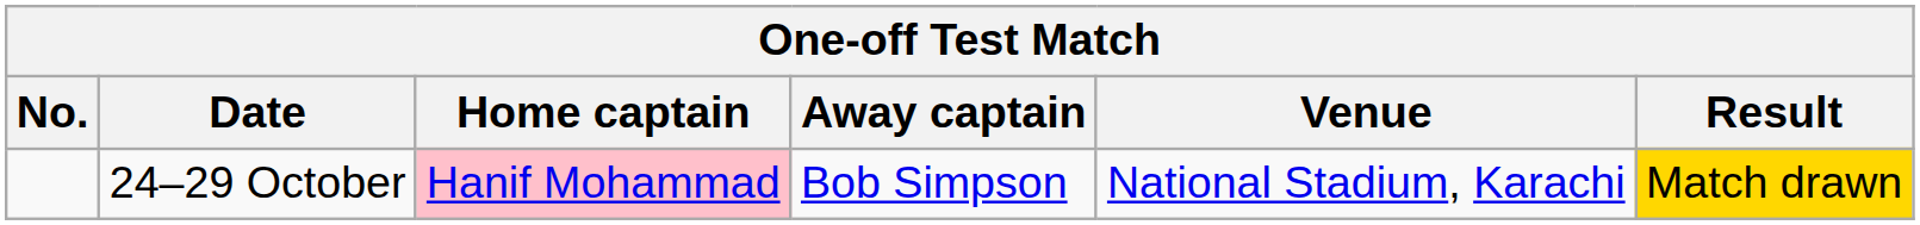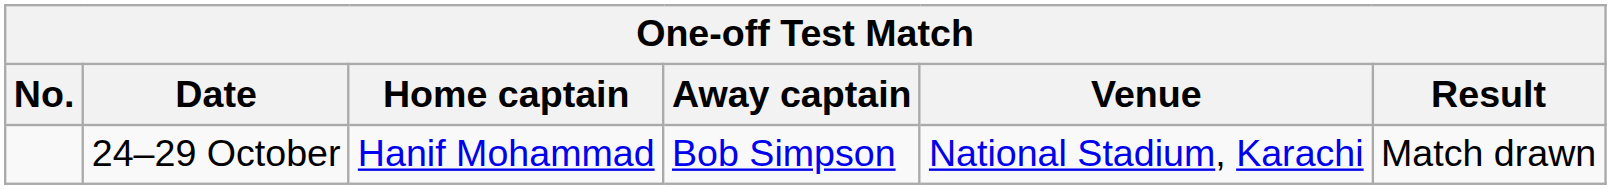 <table class="wikitable">
 <tr>
 <th colspan="9">One-off Test Match</th>
 </tr>
 <tr>
 <th>No.</th>
 <th>Date</th>
 <th>Home captain</th>
 <th>Away captain</th>
 <th>Venue</th>
 <th>Result</th>
 </tr>
 <tr>
 <td></td>
 <td>24–29 October</td>
-<td style="background: pink;"><a href='#'>Hanif Mohammad</a></td>
+<td><a href='#'>Hanif Mohammad</a></td>
 <td><a href='#'>Bob Simpson</a></td>
 <td><a href='#'>National Stadium</a>, <a href='#'>Karachi</a></td>
-<td style="background: gold;">Match drawn</td>
+<td>Match drawn</td>
 </tr>
 </table>
